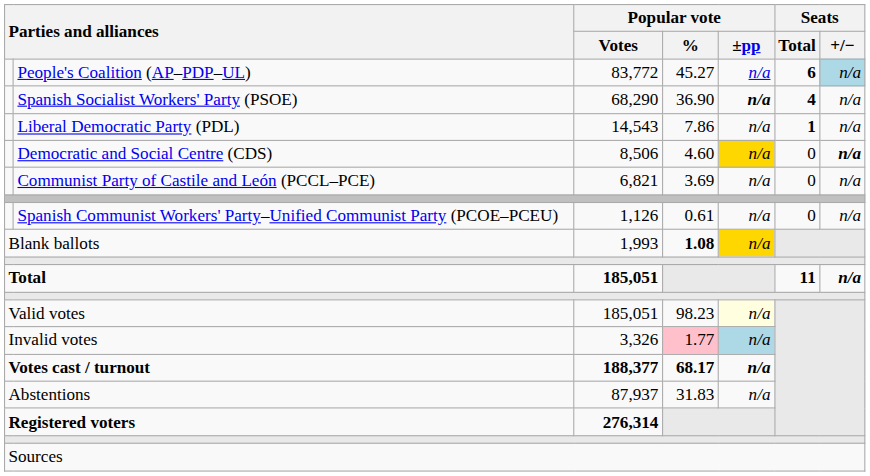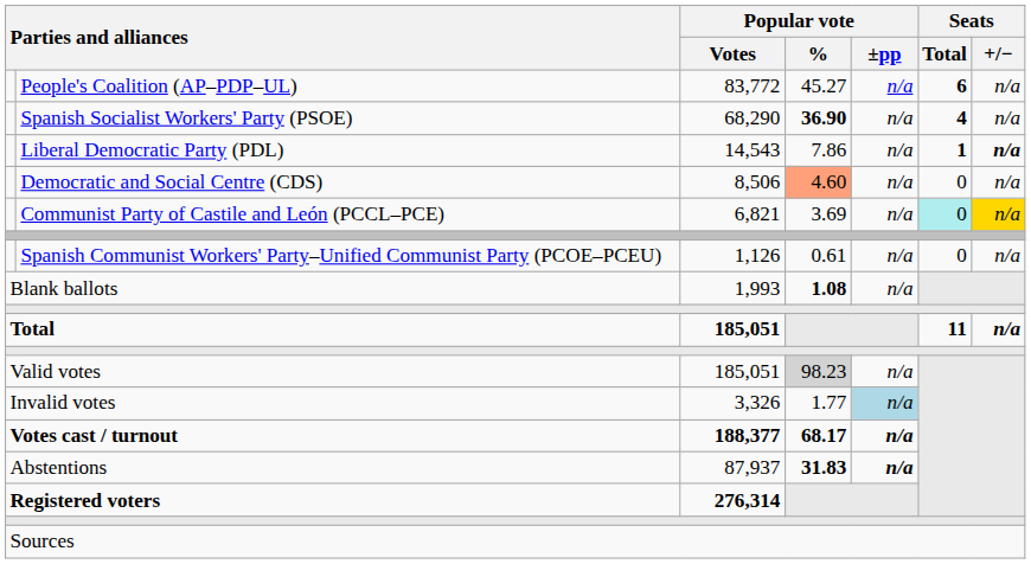 <table class="wikitable" style="text-align:right;">
 <tr>
 <th style="text-align:left;" rowspan="2" colspan="2" width="525">Parties and alliances</th>
 <th colspan="3">Popular vote</th>
 <th colspan="2">Seats</th>
 </tr>
 <tr>
 <th width="75">Votes</th>
 <th width="45">%</th>
 <th width="45">±<a href='#'>pp</a></th>
 <th width="35">Total</th>
 <th width="35">+/−</th>
 </tr>
 <tr>
 <td width="1" style="color:inherit;background:"></td>
 <td align="left"><a href='#'>People's Coalition</a> (<a href='#'>AP</a>–<a href='#'>PDP</a>–<a href='#'>UL</a>)</td>
 <td>83,772</td>
 <td>45.27</td>
 <td><em><a href='#'>n/a</a></em></td>
 <td><strong>6</strong></td>
-<td style="background: lightblue;"><em>n/a</em></td>
+<td><em>n/a</em></td>
 </tr>
 <tr>
 <td style="color:inherit;background:"></td>
 <td align="left"><a href='#'>Spanish Socialist Workers' Party</a> (PSOE)</td>
 <td>68,290</td>
-<td>36.90</td>
-<td><strong><em>n/a</em></strong></td>
+<td><strong>36.90</strong></td>
+<td><em>n/a</em></td>
 <td><strong>4</strong></td>
 <td><em>n/a</em></td>
 </tr>
 <tr>
 <td style="color:inherit;background:"></td>
 <td align="left"><a href='#'>Liberal Democratic Party</a> (PDL)</td>
 <td>14,543</td>
 <td>7.86</td>
 <td><em>n/a</em></td>
 <td><strong>1</strong></td>
-<td><em>n/a</em></td>
+<td><strong><em>n/a</em></strong></td>
 </tr>
 <tr>
 <td style="color:inherit;background:"></td>
 <td align="left"><a href='#'>Democratic and Social Centre</a> (CDS)</td>
 <td>8,506</td>
-<td>4.60</td>
-<td style="background: gold;"><em>n/a</em></td>
+<td style="background: lightsalmon;">4.60</td>
+<td><em>n/a</em></td>
 <td>0</td>
-<td><strong><em>n/a</em></strong></td>
+<td><em>n/a</em></td>
 </tr>
 <tr>
 <td style="color:inherit;background:"></td>
 <td align="left"><a href='#'>Communist Party of Castile and León</a> (PCCL–PCE)</td>
 <td>6,821</td>
 <td>3.69</td>
 <td><em>n/a</em></td>
-<td>0</td>
-<td><em>n/a</em></td>
+<td style="background: paleturquoise;">0</td>
+<td style="background: gold;"><em>n/a</em></td>
 </tr>
 <tr>
 <td colspan="7" bgcolor="#C0C0C0"></td>
 </tr>
 <tr>
 <td style="color:inherit;background:"></td>
 <td align="left"><a href='#'>Spanish Communist Workers' Party</a>–<a href='#'>Unified Communist Party</a> (PCOE–PCEU)</td>
 <td>1,126</td>
 <td>0.61</td>
 <td><em>n/a</em></td>
 <td>0</td>
 <td><em>n/a</em></td>
 </tr>
 <tr>
 <td align="left" colspan="2">Blank ballots</td>
 <td>1,993</td>
 <td><strong>1.08</strong></td>
-<td style="background: gold;"><em>n/a</em></td>
+<td><em>n/a</em></td>
 <td bgcolor="#E9E9E9" colspan="2"></td>
 </tr>
 <tr>
 <td colspan="7" bgcolor="#E9E9E9"></td>
 </tr>
 <tr style="font-weight:bold;">
 <td align="left" colspan="2">Total</td>
 <td>185,051</td>
 <td bgcolor="#E9E9E9" colspan="2"></td>
 <td>11</td>
 <td><em>n/a</em></td>
 </tr>
 <tr>
 <td colspan="7" bgcolor="#E9E9E9"></td>
 </tr>
 <tr>
 <td align="left" colspan="2">Valid votes</td>
 <td>185,051</td>
-<td>98.23</td>
-<td style="background: lightyellow;"><em>n/a</em></td>
+<td style="background: lightgrey;">98.23</td>
+<td><em>n/a</em></td>
 <td bgcolor="#E9E9E9" colspan="2" rowspan="5"></td>
 </tr>
 <tr>
 <td align="left" colspan="2">Invalid votes</td>
 <td>3,326</td>
-<td style="background: pink;">1.77</td>
+<td>1.77</td>
 <td style="background: lightblue;"><em>n/a</em></td>
 </tr>
 <tr style="font-weight:bold;">
 <td align="left" colspan="2">Votes cast / turnout</td>
 <td>188,377</td>
 <td>68.17</td>
 <td><em>n/a</em></td>
 </tr>
 <tr>
 <td align="left" colspan="2">Abstentions</td>
 <td>87,937</td>
-<td>31.83</td>
-<td><em>n/a</em></td>
+<td><strong>31.83</strong></td>
+<td><strong><em>n/a</em></strong></td>
 </tr>
 <tr style="font-weight:bold;">
 <td align="left" colspan="2">Registered voters</td>
 <td>276,314</td>
 <td bgcolor="#E9E9E9" colspan="2"></td>
 </tr>
 <tr>
 <td colspan="7" bgcolor="#E9E9E9"></td>
 </tr>
 <tr>
 <td align="left" colspan="7">Sources</td>
 </tr>
 </table>
